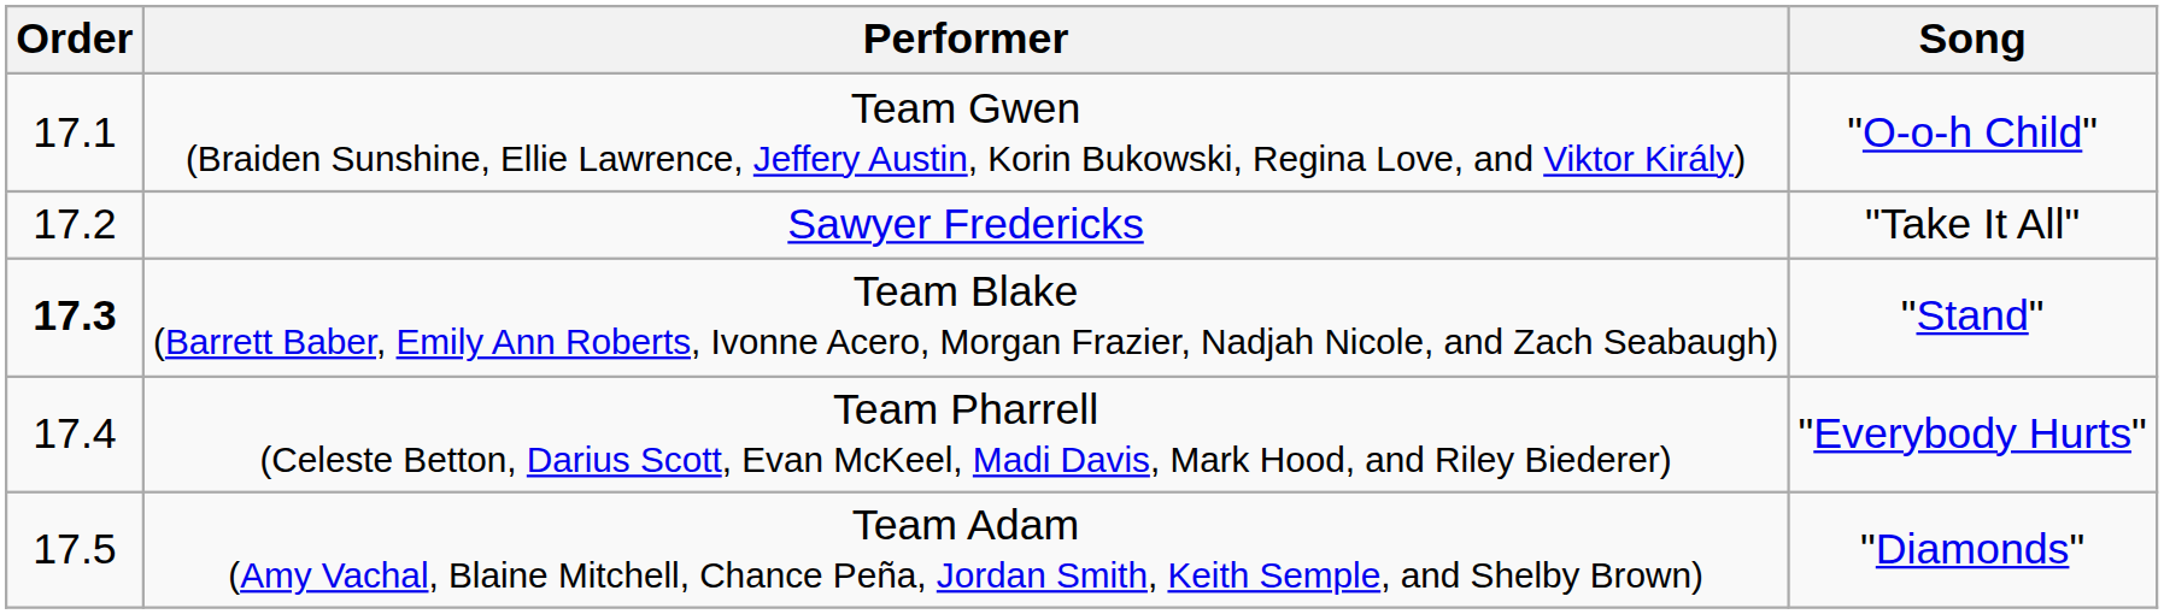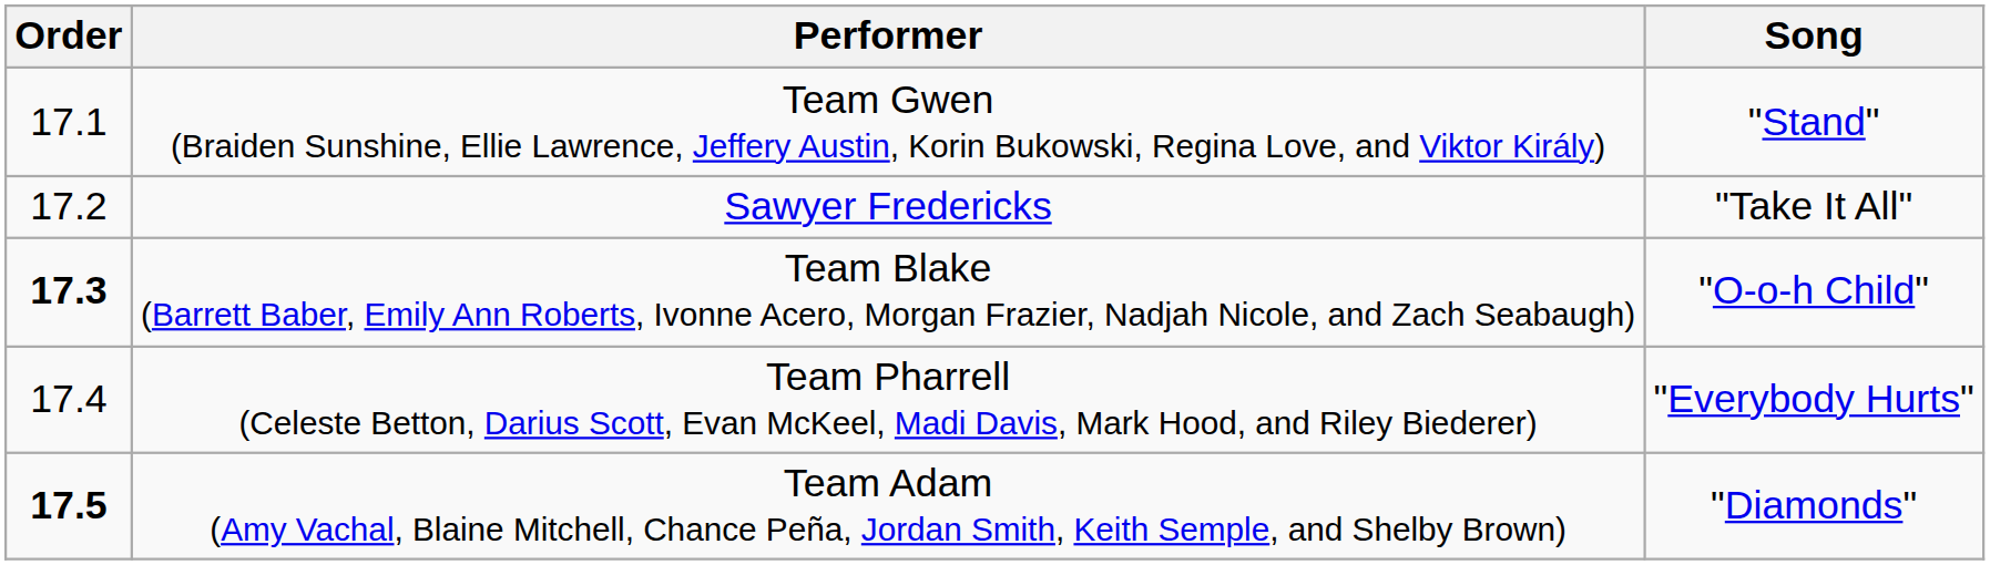 <table class="wikitable" style="text-align:center;">
 <tr>
 <th>Order</th>
 <th>Performer</th>
 <th>Song</th>
 </tr>
 <tr>
 <td>17.1</td>
 <td>Team Gwen <br><small>(Braiden Sunshine, Ellie Lawrence, <a href='#'>Jeffery Austin</a>, Korin Bukowski, Regina Love, and <a href='#'>Viktor Király</a>) </small></td>
-<td>"<a href='#'>O-o-h Child</a>"</td>
+<td>"<a href='#'>Stand</a>"</td>
 </tr>
 <tr>
 <td>17.2</td>
 <td><a href='#'>Sawyer Fredericks</a></td>
 <td>"Take It All"</td>
 </tr>
 <tr>
 <td><strong>17.3</strong></td>
 <td>Team Blake <br><small>(<a href='#'>Barrett Baber</a>, <a href='#'>Emily Ann Roberts</a>, Ivonne Acero, Morgan Frazier, Nadjah Nicole, and Zach Seabaugh) </small></td>
-<td>"<a href='#'>Stand</a>"</td>
+<td>"<a href='#'>O-o-h Child</a>"</td>
 </tr>
 <tr>
 <td>17.4</td>
 <td>Team Pharrell <br><small>(Celeste Betton, <a href='#'>Darius Scott</a>, Evan McKeel, <a href='#'>Madi Davis</a>, Mark Hood, and Riley Biederer) </small></td>
 <td>"<a href='#'>Everybody Hurts</a>"</td>
 </tr>
 <tr>
-<td>17.5</td>
+<td><strong>17.5</strong></td>
 <td>Team Adam<br><small>(<a href='#'>Amy Vachal</a>, Blaine Mitchell, Chance Peña, <a href='#'>Jordan Smith</a>, <a href='#'>Keith Semple</a>, and Shelby Brown)</small></td>
 <td>"<a href='#'>Diamonds</a>"</td>
 </tr>
 </table>
